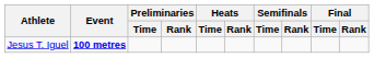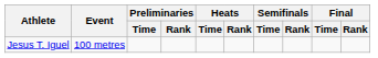 <table class=wikitable style="font-size:90%;">
 <tr>
 <th rowspan=2>Athlete</th>
 <th rowspan=2>Event</th>
 <th colspan=2>Preliminaries</th>
 <th colspan=2>Heats</th>
 <th colspan=2>Semifinals</th>
 <th colspan=2>Final</th>
 </tr>
 <tr>
 <th>Time</th>
 <th>Rank</th>
 <th>Time</th>
 <th>Rank</th>
 <th>Time</th>
 <th>Rank</th>
 <th>Time</th>
 <th>Rank</th>
 </tr>
 <tr>
 <td><a href='#'>Jesus T. Iguel</a></td>
-<td><strong><a href='#'>100 metres</a></strong></td>
+<td><a href='#'>100 metres</a></td>
 <td align="center"></td>
 <td align="center"></td>
 <td align="center"></td>
 <td align="center"></td>
 <td align="center"></td>
 <td align="center"></td>
 <td align="center"></td>
 <td align="center"></td>
 </tr>
 </table>
